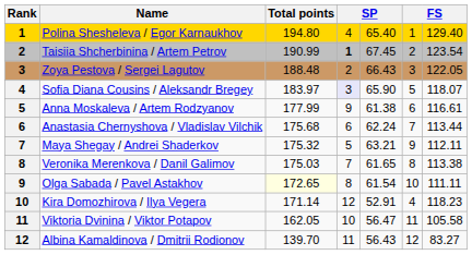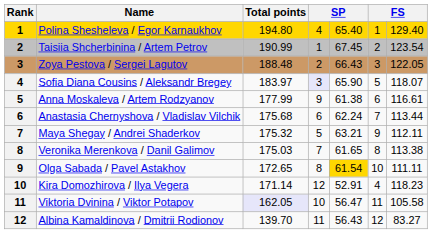 <table class="wikitable sortable">
 <tr>
 <th>Rank</th>
 <th>Name</th>
 <th>Total points</th>
 <th colspan="2" width="80px"><a href='#'>SP</a></th>
 <th colspan="2" width="80px"><a href='#'>FS</a></th>
 </tr>
 <tr bgcolor="gold">
 <td align="center"><strong>1</strong></td>
 <td><a href='#'>Polina Shesheleva</a> / <a href='#'>Egor Karnaukhov</a></td>
 <td align="center">194.80</td>
 <td align="center">4</td>
 <td align="center">65.40</td>
 <td align="center">1</td>
 <td align="center">129.40</td>
 </tr>
 <tr bgcolor="silver">
 <td align="center"><strong>2</strong></td>
 <td><a href='#'>Taisiia Shcherbinina</a> / <a href='#'>Artem Petrov</a></td>
 <td align="center">190.99</td>
-<td align="center"><strong>1</strong></td>
+<td align="center">1</td>
 <td align="center">67.45</td>
 <td align="center">2</td>
 <td align="center">123.54</td>
 </tr>
 <tr bgcolor="cc9966">
 <td align="center"><strong>3</strong></td>
 <td><a href='#'>Zoya Pestova</a> / <a href='#'>Sergei Lagutov</a></td>
 <td align="center">188.48</td>
 <td align="center">2</td>
 <td align="center">66.43</td>
 <td align="center">3</td>
 <td align="center">122.05</td>
 </tr>
 <tr>
 <th>4</th>
 <td><a href='#'>Sofia Diana Cousins</a> / <a href='#'>Aleksandr Bregey</a></td>
 <td align="center">183.97</td>
 <td align="center" style="background: lavender;">3</td>
 <td align="center">65.90</td>
 <td align="center">5</td>
 <td align="center">118.07</td>
 </tr>
 <tr>
 <th>5</th>
 <td><a href='#'>Anna Moskaleva</a> / <a href='#'>Artem Rodzyanov</a></td>
 <td align="center">177.99</td>
 <td align="center">9</td>
 <td align="center">61.38</td>
 <td align="center">6</td>
 <td align="center">116.61</td>
 </tr>
 <tr>
 <th>6</th>
 <td><a href='#'>Anastasia Chernyshova</a> / <a href='#'>Vladislav Vilchik</a></td>
 <td align="center">175.68</td>
 <td align="center">6</td>
 <td align="center">62.24</td>
 <td align="center">7</td>
 <td align="center">113.44</td>
 </tr>
 <tr>
 <th>7</th>
 <td><a href='#'>Maya Shegay</a> / <a href='#'>Andrei Shaderkov</a></td>
 <td align="center">175.32</td>
 <td align="center">5</td>
 <td align="center">63.21</td>
 <td align="center">9</td>
 <td align="center">112.11</td>
 </tr>
 <tr>
 <th>8</th>
 <td><a href='#'>Veronika Merenkova</a> / <a href='#'>Danil Galimov</a></td>
 <td align="center">175.03</td>
 <td align="center">7</td>
 <td align="center">61.65</td>
 <td align="center">8</td>
 <td align="center">113.38</td>
 </tr>
 <tr>
 <th>9</th>
 <td><a href='#'>Olga Sabada</a> / <a href='#'>Pavel Astakhov</a></td>
-<td align="center" style="background: lightyellow;">172.65</td>
+<td align="center">172.65</td>
 <td align="center">8</td>
-<td align="center">61.54</td>
+<td align="center" style="background: gold;">61.54</td>
 <td align="center">10</td>
 <td align="center">111.11</td>
 </tr>
 <tr>
 <th>10</th>
 <td><a href='#'>Kira Domozhirova</a> / <a href='#'>Ilya Vegera</a></td>
 <td align="center">171.14</td>
 <td align="center">12</td>
 <td align="center">52.91</td>
 <td align="center">4</td>
 <td align="center">118.23</td>
 </tr>
 <tr>
 <th>11</th>
 <td><a href='#'>Viktoria Dvinina</a> / <a href='#'>Viktor Potapov</a></td>
-<td align="center">162.05</td>
+<td align="center" style="background: lavender;">162.05</td>
 <td align="center">10</td>
 <td align="center">56.47</td>
 <td align="center">11</td>
 <td align="center">105.58</td>
 </tr>
 <tr>
 <th>12</th>
 <td><a href='#'>Albina Kamaldinova</a> / <a href='#'>Dmitrii Rodionov</a></td>
 <td align="center">139.70</td>
 <td align="center">11</td>
 <td align="center">56.43</td>
 <td align="center">12</td>
 <td align="center">83.27</td>
 </tr>
 </table>
